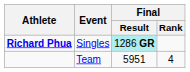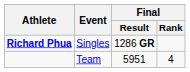 <table class="wikitable" style="font-size:90%">
 <tr>
 <th rowspan="2">Athlete</th>
 <th rowspan="2">Event</th>
 <th colspan=2>Final</th>
 </tr>
 <tr style="font-size:95%">
 <th>Result</th>
 <th>Rank</th>
 </tr>
 <tr align=center>
 <td align=left><strong><a href='#'>Richard Phua</a></strong></td>
 <td align=left><a href='#'>Singles</a></td>
-<td style="background: paleturquoise;">1286 <strong>GR</strong></td>
+<td>1286 <strong>GR</strong></td>
 <td></td>
 </tr>
 <tr align=center>
 <td align=left></td>
 <td align=left><a href='#'>Team</a></td>
 <td>5951</td>
 <td>4</td>
 </tr>
 </table>
